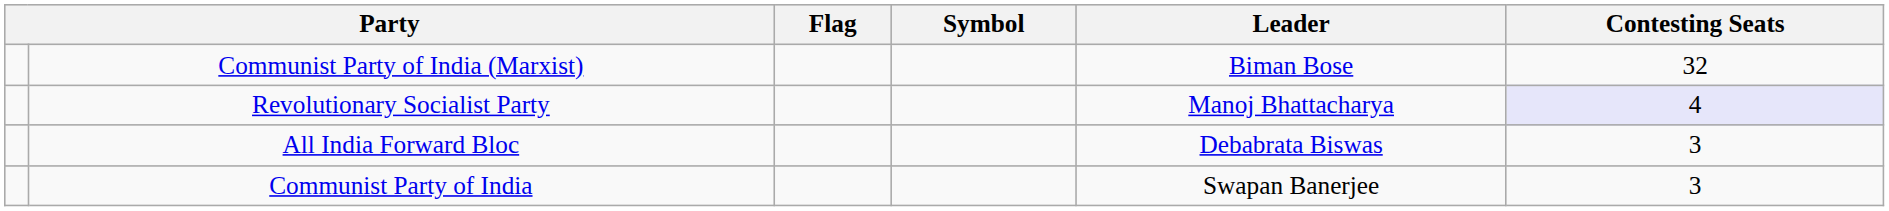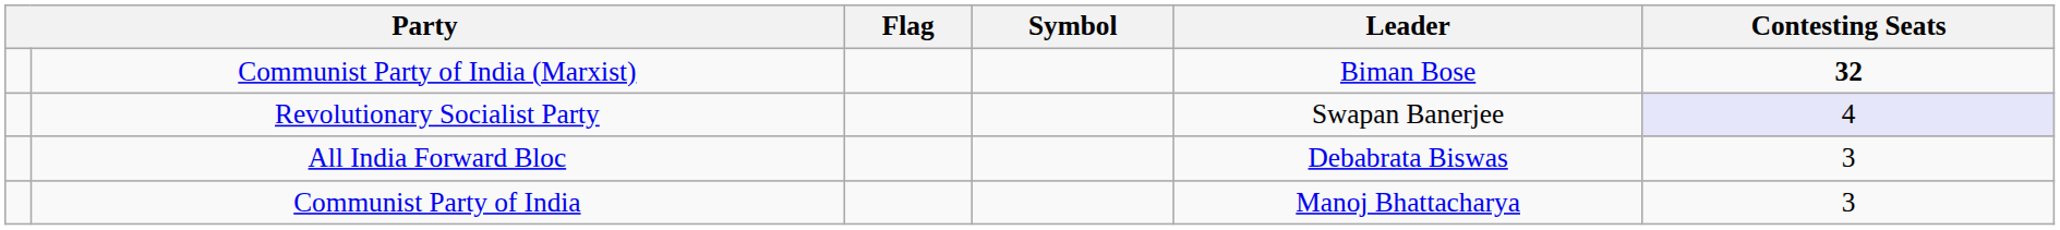 <table class="wikitable" width="60%" style="text-align:center">
 <tr>
 <th colspan="2">Party</th>
 <th>Flag</th>
 <th>Symbol</th>
 <th>Leader</th>
 <th>Contesting Seats</th>
 </tr>
 <tr>
 <td></td>
 <td><a href='#'>Communist Party of India (Marxist)</a></td>
 <td></td>
 <td></td>
 <td><a href='#'>Biman Bose</a></td>
-<td>32</td>
+<td><strong>32</strong></td>
 </tr>
 <tr>
 <td></td>
 <td><a href='#'>Revolutionary Socialist Party</a></td>
 <td></td>
 <td></td>
-<td><a href='#'>Manoj Bhattacharya</a></td>
+<td>Swapan Banerjee</td>
 <td style="background: lavender;">4</td>
 </tr>
 <tr>
 <td></td>
 <td><a href='#'>All India Forward Bloc</a></td>
 <td></td>
 <td></td>
 <td><a href='#'>Debabrata Biswas</a></td>
 <td>3</td>
 </tr>
 <tr>
 <td></td>
 <td><a href='#'>Communist Party of India</a></td>
 <td></td>
 <td></td>
-<td>Swapan Banerjee</td>
+<td><a href='#'>Manoj Bhattacharya</a></td>
 <td>3</td>
 </tr>
 </table>
